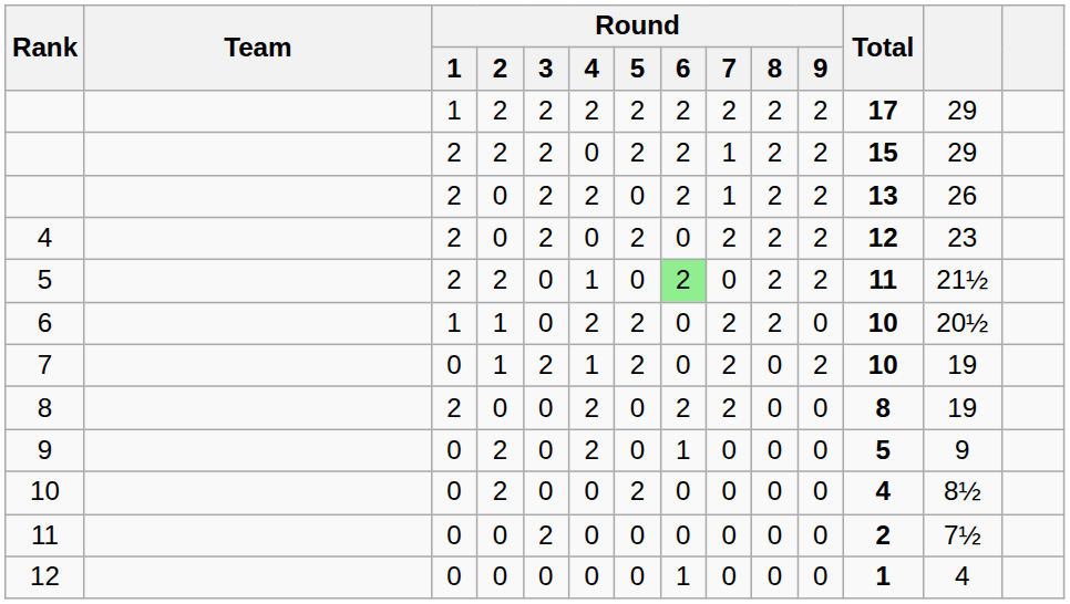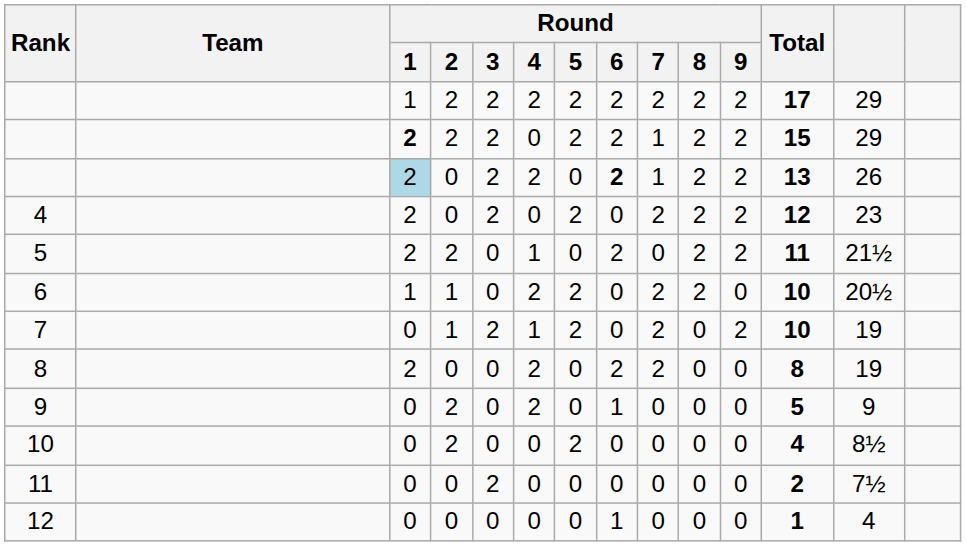 <table class=wikitable style="text-align:center">
 <tr>
 <th rowspan="2" width=40>Rank</th>
 <th rowspan="2" width=200>Team</th>
 <th colspan="9">Round</th>
 <th rowspan="2" width=40>Total</th>
 <th rowspan="2" width=40></th>
 <th rowspan="2" width=30></th>
 </tr>
 <tr>
 <th width=20>1</th>
 <th width=20>2</th>
 <th width=20>3</th>
 <th width=20>4</th>
 <th width=20>5</th>
 <th width=20>6</th>
 <th width=20>7</th>
 <th width=20>8</th>
 <th width=20>9</th>
 </tr>
 <tr>
 <td></td>
 <td align=left></td>
 <td>1</td>
 <td>2</td>
 <td>2</td>
 <td>2</td>
 <td>2</td>
 <td>2</td>
 <td>2</td>
 <td>2</td>
 <td>2</td>
 <td><strong>17</strong></td>
 <td>29</td>
 <td></td>
 </tr>
 <tr>
 <td></td>
 <td align=left></td>
-<td>2</td>
+<td><strong>2</strong></td>
 <td>2</td>
 <td>2</td>
 <td>0</td>
 <td>2</td>
 <td>2</td>
 <td>1</td>
 <td>2</td>
 <td>2</td>
 <td><strong>15</strong></td>
 <td>29</td>
 <td></td>
 </tr>
 <tr>
 <td></td>
 <td align=left></td>
-<td>2</td>
+<td style="background: lightblue;">2</td>
 <td>0</td>
 <td>2</td>
 <td>2</td>
 <td>0</td>
-<td>2</td>
+<td><strong>2</strong></td>
 <td>1</td>
 <td>2</td>
 <td>2</td>
 <td><strong>13</strong></td>
 <td>26</td>
 <td></td>
 </tr>
 <tr>
 <td>4</td>
 <td align=left></td>
 <td>2</td>
 <td>0</td>
 <td>2</td>
 <td>0</td>
 <td>2</td>
 <td>0</td>
 <td>2</td>
 <td>2</td>
 <td>2</td>
 <td><strong>12</strong></td>
 <td>23</td>
 <td></td>
 </tr>
 <tr>
 <td>5</td>
 <td align=left></td>
 <td>2</td>
 <td>2</td>
 <td>0</td>
 <td>1</td>
 <td>0</td>
-<td style="background: lightgreen;">2</td>
+<td>2</td>
 <td>0</td>
 <td>2</td>
 <td>2</td>
 <td><strong>11</strong></td>
 <td>21½</td>
 <td></td>
 </tr>
 <tr>
 <td>6</td>
 <td align=left></td>
 <td>1</td>
 <td>1</td>
 <td>0</td>
 <td>2</td>
 <td>2</td>
 <td>0</td>
 <td>2</td>
 <td>2</td>
 <td>0</td>
 <td><strong>10</strong></td>
 <td>20½</td>
 <td></td>
 </tr>
 <tr>
 <td>7</td>
 <td align=left></td>
 <td>0</td>
 <td>1</td>
 <td>2</td>
 <td>1</td>
 <td>2</td>
 <td>0</td>
 <td>2</td>
 <td>0</td>
 <td>2</td>
 <td><strong>10</strong></td>
 <td>19</td>
 <td></td>
 </tr>
 <tr>
 <td>8</td>
 <td align=left></td>
 <td>2</td>
 <td>0</td>
 <td>0</td>
 <td>2</td>
 <td>0</td>
 <td>2</td>
 <td>2</td>
 <td>0</td>
 <td>0</td>
 <td><strong>8</strong></td>
 <td>19</td>
 <td></td>
 </tr>
 <tr>
 <td>9</td>
 <td align=left></td>
 <td>0</td>
 <td>2</td>
 <td>0</td>
 <td>2</td>
 <td>0</td>
 <td>1</td>
 <td>0</td>
 <td>0</td>
 <td>0</td>
 <td><strong>5</strong></td>
 <td>9</td>
 <td></td>
 </tr>
 <tr>
 <td>10</td>
 <td align=left></td>
 <td>0</td>
 <td>2</td>
 <td>0</td>
 <td>0</td>
 <td>2</td>
 <td>0</td>
 <td>0</td>
 <td>0</td>
 <td>0</td>
 <td><strong>4</strong></td>
 <td>8½</td>
 <td></td>
 </tr>
 <tr>
 <td>11</td>
 <td align=left></td>
 <td>0</td>
 <td>0</td>
 <td>2</td>
 <td>0</td>
 <td>0</td>
 <td>0</td>
 <td>0</td>
 <td>0</td>
 <td>0</td>
 <td><strong>2</strong></td>
 <td>7½</td>
 <td></td>
 </tr>
 <tr>
 <td>12</td>
 <td align=left></td>
 <td>0</td>
 <td>0</td>
 <td>0</td>
 <td>0</td>
 <td>0</td>
 <td>1</td>
 <td>0</td>
 <td>0</td>
 <td>0</td>
 <td><strong>1</strong></td>
 <td>4</td>
 <td></td>
 </tr>
 </table>
